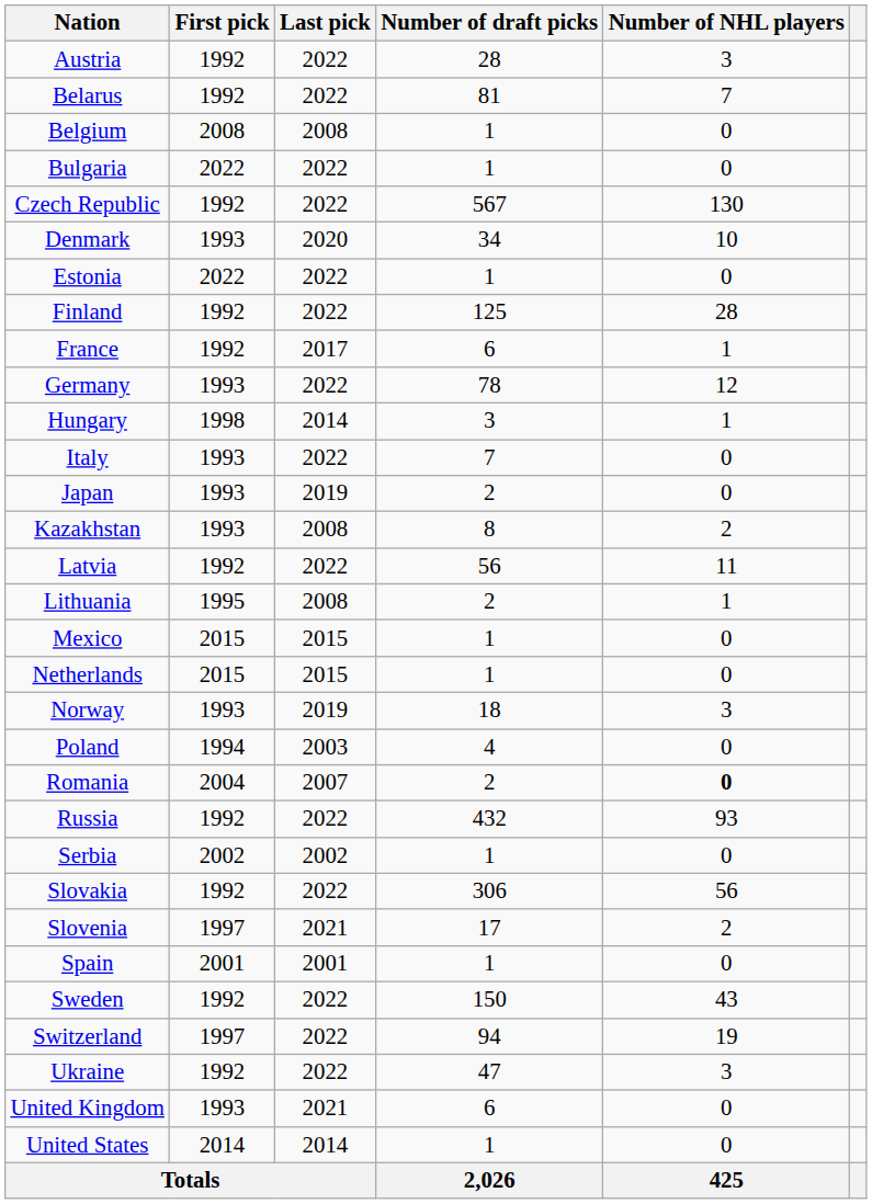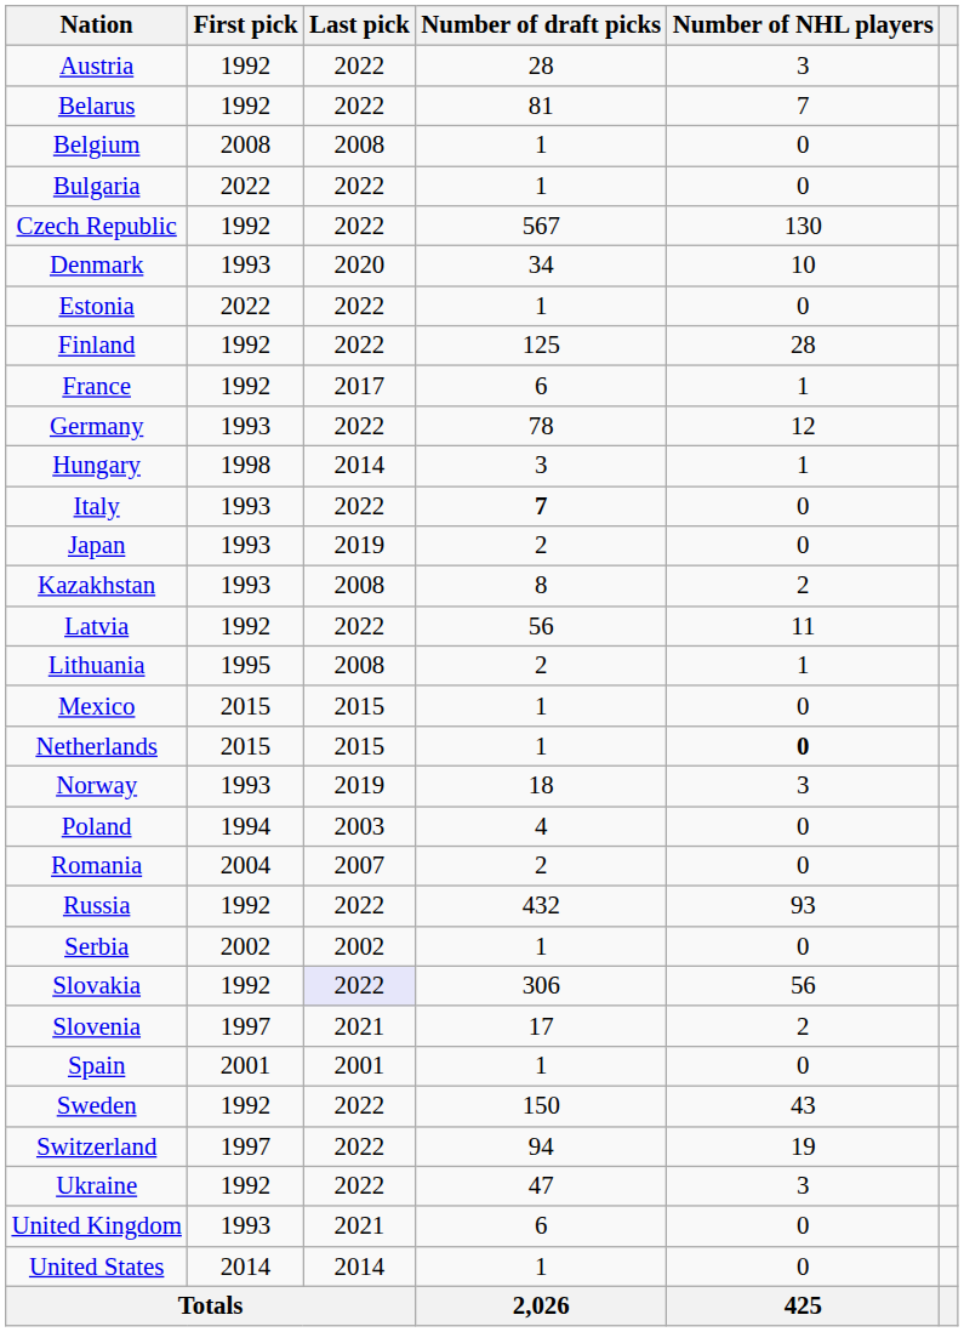 <table class="wikitable sortable">
 <tr>
 <th>Nation</th>
 <th>First pick</th>
 <th>Last pick</th>
 <th>Number of draft picks</th>
 <th>Number of NHL players</th>
 <th class="unsortable"></th>
 </tr>
 <tr align="center">
 <td><a href='#'>Austria</a></td>
 <td>1992</td>
 <td>2022</td>
 <td>28</td>
 <td>3</td>
 <td></td>
 </tr>
 <tr align="center">
 <td><a href='#'>Belarus</a></td>
 <td>1992</td>
 <td>2022</td>
 <td>81</td>
 <td>7</td>
 <td></td>
 </tr>
 <tr align="center">
 <td><a href='#'>Belgium</a></td>
 <td>2008</td>
 <td>2008</td>
 <td>1</td>
 <td>0</td>
 <td></td>
 </tr>
 <tr align="center">
 <td><a href='#'>Bulgaria</a></td>
 <td>2022</td>
 <td>2022</td>
 <td>1</td>
 <td>0</td>
 <td></td>
 </tr>
 <tr align="center">
 <td><a href='#'>Czech Republic</a></td>
 <td>1992</td>
 <td>2022</td>
 <td>567</td>
 <td>130</td>
 <td></td>
 </tr>
 <tr align="center">
 <td><a href='#'>Denmark</a></td>
 <td>1993</td>
 <td>2020</td>
 <td>34</td>
 <td>10</td>
 <td></td>
 </tr>
 <tr align="center">
 <td><a href='#'>Estonia</a></td>
 <td>2022</td>
 <td>2022</td>
 <td>1</td>
 <td>0</td>
 <td></td>
 </tr>
 <tr align="center">
 <td><a href='#'>Finland</a></td>
 <td>1992</td>
 <td>2022</td>
 <td>125</td>
 <td>28</td>
 <td></td>
 </tr>
 <tr align="center">
 <td><a href='#'>France</a></td>
 <td>1992</td>
 <td>2017</td>
 <td>6</td>
 <td>1</td>
 <td></td>
 </tr>
 <tr align="center">
 <td><a href='#'>Germany</a></td>
 <td>1993</td>
 <td>2022</td>
 <td>78</td>
 <td>12</td>
 <td></td>
 </tr>
 <tr align="center">
 <td><a href='#'>Hungary</a></td>
 <td>1998</td>
 <td>2014</td>
 <td>3</td>
 <td>1</td>
 <td></td>
 </tr>
 <tr align="center">
 <td><a href='#'>Italy</a></td>
 <td>1993</td>
 <td>2022</td>
-<td>7</td>
+<td><strong>7</strong></td>
 <td>0</td>
 <td></td>
 </tr>
 <tr align="center">
 <td><a href='#'>Japan</a></td>
 <td>1993</td>
 <td>2019</td>
 <td>2</td>
 <td>0</td>
 <td></td>
 </tr>
 <tr align="center">
 <td><a href='#'>Kazakhstan</a></td>
 <td>1993</td>
 <td>2008</td>
 <td>8</td>
 <td>2</td>
 <td></td>
 </tr>
 <tr align="center">
 <td><a href='#'>Latvia</a></td>
 <td>1992</td>
 <td>2022</td>
 <td>56</td>
 <td>11</td>
 <td></td>
 </tr>
 <tr align="center">
 <td><a href='#'>Lithuania</a></td>
 <td>1995</td>
 <td>2008</td>
 <td>2</td>
 <td>1</td>
 <td></td>
 </tr>
 <tr align="center">
 <td><a href='#'>Mexico</a></td>
 <td>2015</td>
 <td>2015</td>
 <td>1</td>
 <td>0</td>
 <td></td>
 </tr>
 <tr align="center">
 <td><a href='#'>Netherlands</a></td>
 <td>2015</td>
 <td>2015</td>
 <td>1</td>
-<td>0</td>
+<td><strong>0</strong></td>
 <td></td>
 </tr>
 <tr align="center">
 <td><a href='#'>Norway</a></td>
 <td>1993</td>
 <td>2019</td>
 <td>18</td>
 <td>3</td>
 <td></td>
 </tr>
 <tr align="center">
 <td><a href='#'>Poland</a></td>
 <td>1994</td>
 <td>2003</td>
 <td>4</td>
 <td>0</td>
 <td></td>
 </tr>
 <tr align="center">
 <td><a href='#'>Romania</a></td>
 <td>2004</td>
 <td>2007</td>
 <td>2</td>
-<td><strong>0</strong></td>
+<td>0</td>
 <td></td>
 </tr>
 <tr align="center">
 <td><a href='#'>Russia</a></td>
 <td>1992</td>
 <td>2022</td>
 <td>432</td>
 <td>93</td>
 <td></td>
 </tr>
 <tr align="center">
 <td><a href='#'>Serbia</a></td>
 <td>2002</td>
 <td>2002</td>
 <td>1</td>
 <td>0</td>
 <td></td>
 </tr>
 <tr align="center">
 <td><a href='#'>Slovakia</a></td>
 <td>1992</td>
-<td>2022</td>
+<td style="background: lavender;">2022</td>
 <td>306</td>
 <td>56</td>
 <td></td>
 </tr>
 <tr align="center">
 <td><a href='#'>Slovenia</a></td>
 <td>1997</td>
 <td>2021</td>
 <td>17</td>
 <td>2</td>
 <td></td>
 </tr>
 <tr align="center">
 <td><a href='#'>Spain</a></td>
 <td>2001</td>
 <td>2001</td>
 <td>1</td>
 <td>0</td>
 <td></td>
 </tr>
 <tr align="center">
 <td><a href='#'>Sweden</a></td>
 <td>1992</td>
 <td>2022</td>
 <td>150</td>
 <td>43</td>
 <td></td>
 </tr>
 <tr align="center">
 <td><a href='#'>Switzerland</a></td>
 <td>1997</td>
 <td>2022</td>
 <td>94</td>
 <td>19</td>
 <td></td>
 </tr>
 <tr align="center">
 <td><a href='#'>Ukraine</a></td>
 <td>1992</td>
 <td>2022</td>
 <td>47</td>
 <td>3</td>
 <td></td>
 </tr>
 <tr align="center">
 <td><a href='#'>United Kingdom</a></td>
 <td>1993</td>
 <td>2021</td>
 <td>6</td>
 <td>0</td>
 <td></td>
 </tr>
 <tr align="center">
 <td><a href='#'>United States</a></td>
 <td>2014</td>
 <td>2014</td>
 <td>1</td>
 <td>0</td>
 <td></td>
 </tr>
 <tr class="unsortable">
 <th colspan="3">Totals</th>
 <th>2,026</th>
 <th>425</th>
 <th> </th>
 </tr>
 </table>
